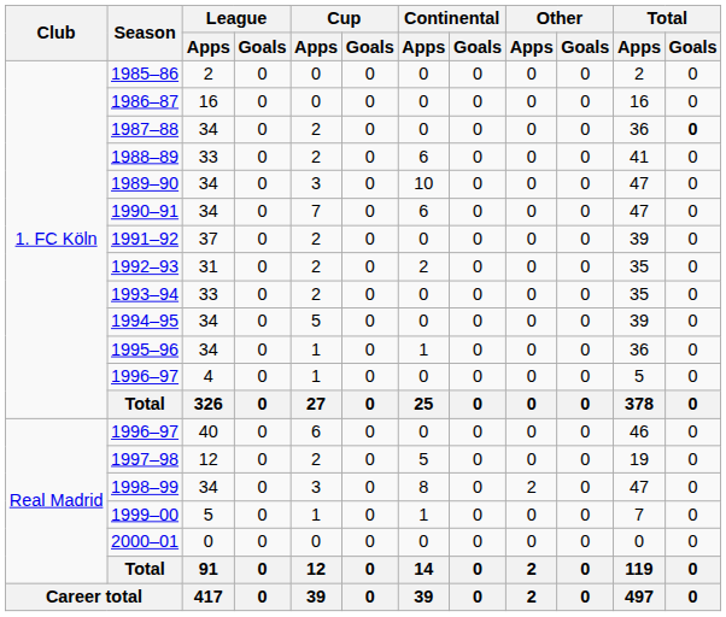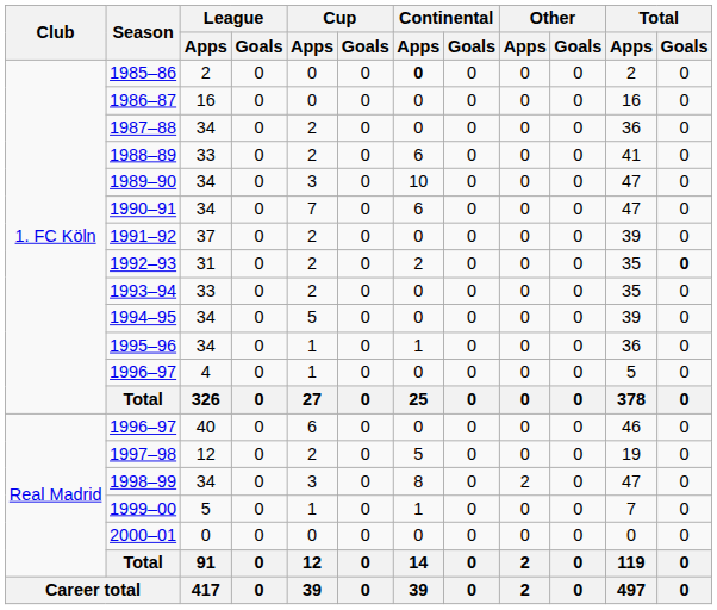 <table class="wikitable" style="text-align:center">
 <tr>
 <th rowspan="2">Club</th>
 <th rowspan="2">Season</th>
 <th colspan="2">League</th>
 <th colspan="2">Cup</th>
 <th colspan="2">Continental</th>
 <th colspan="2">Other</th>
 <th colspan="2">Total</th>
 </tr>
 <tr>
 <th>Apps</th>
 <th>Goals</th>
 <th>Apps</th>
 <th>Goals</th>
 <th>Apps</th>
 <th>Goals</th>
 <th>Apps</th>
 <th>Goals</th>
 <th>Apps</th>
 <th>Goals</th>
 </tr>
 <tr>
 <td rowspan="13"><a href='#'>1. FC Köln</a></td>
 <td><a href='#'>1985–86</a></td>
 <td>2</td>
 <td>0</td>
 <td>0</td>
 <td>0</td>
-<td>0</td>
+<td><strong>0</strong></td>
 <td>0</td>
 <td>0</td>
 <td>0</td>
 <td>2</td>
 <td>0</td>
 </tr>
 <tr>
 <td><a href='#'>1986–87</a></td>
 <td>16</td>
 <td>0</td>
 <td>0</td>
 <td>0</td>
 <td>0</td>
 <td>0</td>
 <td>0</td>
 <td>0</td>
 <td>16</td>
 <td>0</td>
 </tr>
 <tr>
 <td><a href='#'>1987–88</a></td>
 <td>34</td>
 <td>0</td>
 <td>2</td>
 <td>0</td>
 <td>0</td>
 <td>0</td>
 <td>0</td>
 <td>0</td>
 <td>36</td>
-<td><strong>0</strong></td>
+<td>0</td>
 </tr>
 <tr>
 <td><a href='#'>1988–89</a></td>
 <td>33</td>
 <td>0</td>
 <td>2</td>
 <td>0</td>
 <td>6</td>
 <td>0</td>
 <td>0</td>
 <td>0</td>
 <td>41</td>
 <td>0</td>
 </tr>
 <tr>
 <td><a href='#'>1989–90</a></td>
 <td>34</td>
 <td>0</td>
 <td>3</td>
 <td>0</td>
 <td>10</td>
 <td>0</td>
 <td>0</td>
 <td>0</td>
 <td>47</td>
 <td>0</td>
 </tr>
 <tr>
 <td><a href='#'>1990–91</a></td>
 <td>34</td>
 <td>0</td>
 <td>7</td>
 <td>0</td>
 <td>6</td>
 <td>0</td>
 <td>0</td>
 <td>0</td>
 <td>47</td>
 <td>0</td>
 </tr>
 <tr>
 <td><a href='#'>1991–92</a></td>
 <td>37</td>
 <td>0</td>
 <td>2</td>
 <td>0</td>
 <td>0</td>
 <td>0</td>
 <td>0</td>
 <td>0</td>
 <td>39</td>
 <td>0</td>
 </tr>
 <tr>
 <td><a href='#'>1992–93</a></td>
 <td>31</td>
 <td>0</td>
 <td>2</td>
 <td>0</td>
 <td>2</td>
 <td>0</td>
 <td>0</td>
 <td>0</td>
 <td>35</td>
-<td>0</td>
+<td><strong>0</strong></td>
 </tr>
 <tr>
 <td><a href='#'>1993–94</a></td>
 <td>33</td>
 <td>0</td>
 <td>2</td>
 <td>0</td>
 <td>0</td>
 <td>0</td>
 <td>0</td>
 <td>0</td>
 <td>35</td>
 <td>0</td>
 </tr>
 <tr>
 <td><a href='#'>1994–95</a></td>
 <td>34</td>
 <td>0</td>
 <td>5</td>
 <td>0</td>
 <td>0</td>
 <td>0</td>
 <td>0</td>
 <td>0</td>
 <td>39</td>
 <td>0</td>
 </tr>
 <tr>
 <td><a href='#'>1995–96</a></td>
 <td>34</td>
 <td>0</td>
 <td>1</td>
 <td>0</td>
 <td>1</td>
 <td>0</td>
 <td>0</td>
 <td>0</td>
 <td>36</td>
 <td>0</td>
 </tr>
 <tr>
 <td><a href='#'>1996–97</a></td>
 <td>4</td>
 <td>0</td>
 <td>1</td>
 <td>0</td>
 <td>0</td>
 <td>0</td>
 <td>0</td>
 <td>0</td>
 <td>5</td>
 <td>0</td>
 </tr>
 <tr>
 <th>Total</th>
 <th>326</th>
 <th>0</th>
 <th>27</th>
 <th>0</th>
 <th>25</th>
 <th>0</th>
 <th>0</th>
 <th>0</th>
 <th>378</th>
 <th>0</th>
 </tr>
 <tr>
 <td rowspan="6"><a href='#'>Real Madrid</a></td>
 <td><a href='#'>1996–97</a></td>
 <td>40</td>
 <td>0</td>
 <td>6</td>
 <td>0</td>
 <td>0</td>
 <td>0</td>
 <td>0</td>
 <td>0</td>
 <td>46</td>
 <td>0</td>
 </tr>
 <tr>
 <td><a href='#'>1997–98</a></td>
 <td>12</td>
 <td>0</td>
 <td>2</td>
 <td>0</td>
 <td>5</td>
 <td>0</td>
 <td>0</td>
 <td>0</td>
 <td>19</td>
 <td>0</td>
 </tr>
 <tr>
 <td><a href='#'>1998–99</a></td>
 <td>34</td>
 <td>0</td>
 <td>3</td>
 <td>0</td>
 <td>8</td>
 <td>0</td>
 <td>2</td>
 <td>0</td>
 <td>47</td>
 <td>0</td>
 </tr>
 <tr>
 <td><a href='#'>1999–00</a></td>
 <td>5</td>
 <td>0</td>
 <td>1</td>
 <td>0</td>
 <td>1</td>
 <td>0</td>
 <td>0</td>
 <td>0</td>
 <td>7</td>
 <td>0</td>
 </tr>
 <tr>
 <td><a href='#'>2000–01</a></td>
 <td>0</td>
 <td>0</td>
 <td>0</td>
 <td>0</td>
 <td>0</td>
 <td>0</td>
 <td>0</td>
 <td>0</td>
 <td>0</td>
 <td>0</td>
 </tr>
 <tr>
 <th>Total</th>
 <th>91</th>
 <th>0</th>
 <th>12</th>
 <th>0</th>
 <th>14</th>
 <th>0</th>
 <th>2</th>
 <th>0</th>
 <th>119</th>
 <th>0</th>
 </tr>
 <tr>
 <th colspan="2">Career total</th>
 <th>417</th>
 <th>0</th>
 <th>39</th>
 <th>0</th>
 <th>39</th>
 <th>0</th>
 <th>2</th>
 <th>0</th>
 <th>497</th>
 <th>0</th>
 </tr>
 </table>
